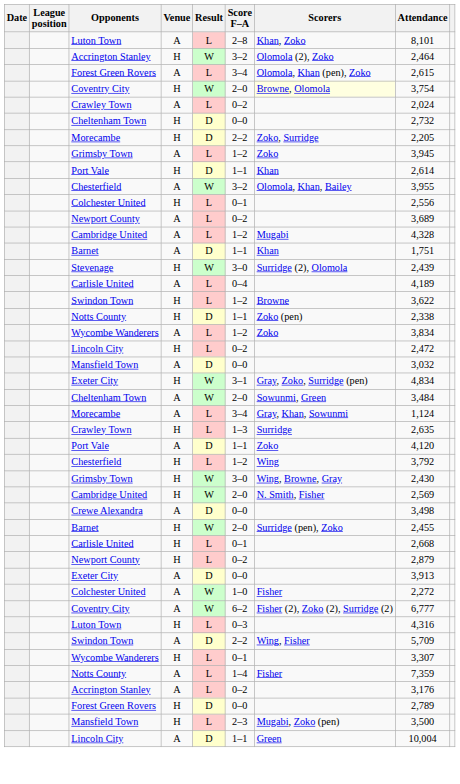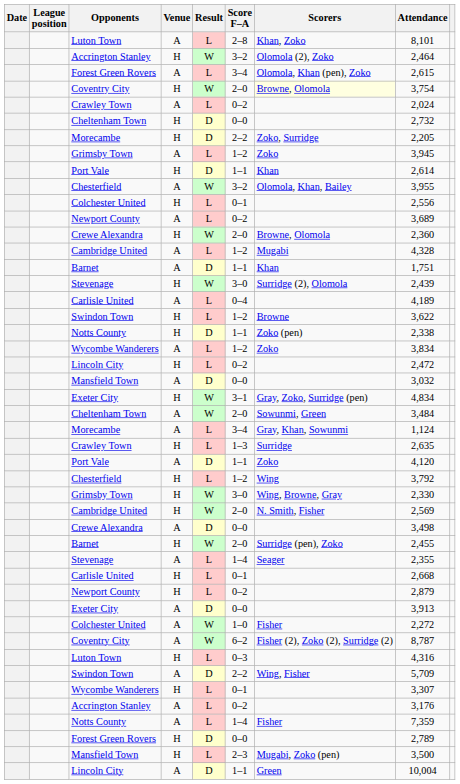 <table class="wikitable plainrowheaders sortable" style="text-align:center">
 <tr>
 <th scope="col">Date</th>
 <th scope="col">League<br>position</th>
 <th scope="col">Opponents</th>
 <th scope="col">Venue</th>
 <th scope="col">Result</th>
 <th scope="col">Score<br>F–A</th>
 <th scope="col" class="unsortable">Scorers</th>
 <th scope="col">Attendance</th>
 <th scope=col class=unsortable></th>
 </tr>
 <tr>
 <th scope="row"></th>
 <td></td>
 <td align="left"><a href='#'>Luton Town</a></td>
 <td>A</td>
 <td style="background-color:#FFCCCC">L</td>
 <td>2–8</td>
 <td align="left"><a href='#'>Khan</a>, <a href='#'>Zoko</a></td>
 <td>8,101</td>
 <td></td>
 </tr>
 <tr>
 <th scope="row"></th>
 <td></td>
 <td align="left"><a href='#'>Accrington Stanley</a></td>
 <td>H</td>
 <td style="background-color:#CCFFCC">W</td>
 <td>3–2</td>
 <td align="left"><a href='#'>Olomola</a> (2), <a href='#'>Zoko</a></td>
 <td>2,464</td>
 <td></td>
 </tr>
 <tr>
 <th scope="row"></th>
 <td></td>
 <td align="left"><a href='#'>Forest Green Rovers</a></td>
 <td>A</td>
 <td style="background-color:#FFCCCC">L</td>
 <td>3–4</td>
 <td align="left"><a href='#'>Olomola</a>, <a href='#'>Khan</a> (pen), <a href='#'>Zoko</a></td>
 <td>2,615</td>
 <td></td>
 </tr>
 <tr>
 <th scope="row"></th>
 <td></td>
 <td align="left"><a href='#'>Coventry City</a></td>
 <td>H</td>
 <td style="background-color:#CCFFCC">W</td>
 <td>2–0</td>
 <td align="left" style="background: lightyellow;"><a href='#'>Browne</a>, <a href='#'>Olomola</a></td>
 <td>3,754</td>
 <td></td>
 </tr>
 <tr>
 <th scope="row"></th>
 <td></td>
 <td align="left"><a href='#'>Crawley Town</a></td>
 <td>A</td>
 <td style="background-color:#FFCCCC">L</td>
 <td>0–2</td>
 <td align="left"></td>
 <td>2,024</td>
 <td></td>
 </tr>
 <tr>
 <th scope="row"></th>
 <td></td>
 <td align="left"><a href='#'>Cheltenham Town</a></td>
 <td>H</td>
 <td style="background-color:#FFFFCC">D</td>
 <td>0–0</td>
 <td align="left"></td>
 <td>2,732</td>
 <td></td>
 </tr>
 <tr>
 <th scope="row"></th>
 <td></td>
 <td align="left"><a href='#'>Morecambe</a></td>
 <td>H</td>
 <td style="background-color:#FFFFCC">D</td>
 <td>2–2</td>
 <td align="left"><a href='#'>Zoko</a>, <a href='#'>Surridge</a></td>
 <td>2,205</td>
 <td></td>
 </tr>
 <tr>
 <th scope="row"></th>
 <td></td>
 <td align="left"><a href='#'>Grimsby Town</a></td>
 <td>A</td>
 <td style="background-color:#FFCCCC">L</td>
 <td>1–2</td>
 <td align="left"><a href='#'>Zoko</a></td>
 <td>3,945</td>
 <td></td>
 </tr>
 <tr>
 <th scope="row"></th>
 <td></td>
 <td align="left"><a href='#'>Port Vale</a></td>
 <td>H</td>
 <td style="background-color:#FFFFCC">D</td>
 <td>1–1</td>
 <td align="left"><a href='#'>Khan</a></td>
 <td>2,614</td>
 <td></td>
 </tr>
 <tr>
 <th scope="row"></th>
 <td></td>
 <td align="left"><a href='#'>Chesterfield</a></td>
 <td>A</td>
 <td style="background-color:#CCFFCC">W</td>
 <td>3–2</td>
 <td align="left"><a href='#'>Olomola</a>, <a href='#'>Khan</a>, <a href='#'>Bailey</a></td>
 <td>3,955</td>
 <td></td>
 </tr>
 <tr>
 <th scope="row"></th>
 <td></td>
 <td align="left"><a href='#'>Colchester United</a></td>
 <td>H</td>
 <td style="background-color:#FFCCCC">L</td>
 <td>0–1</td>
 <td align="left"></td>
 <td>2,556</td>
 <td></td>
 </tr>
 <tr>
 <th scope="row"></th>
 <td></td>
 <td align="left"><a href='#'>Newport County</a></td>
 <td>A</td>
 <td style="background-color:#FFCCCC">L</td>
 <td>0–2</td>
 <td align="left"></td>
 <td>3,689</td>
+<td></td>
+</tr>
+<tr>
+<th scope="row"></th>
+<td></td>
+<td align="left"><a href='#'>Crewe Alexandra</a></td>
+<td>H</td>
+<td style="background-color:#CCFFCC">W</td>
+<td>2–0</td>
+<td align="left"><a href='#'>Browne</a>, <a href='#'>Olomola</a></td>
+<td>2,360</td>
 <td></td>
 </tr>
 <tr>
 <th scope="row"></th>
 <td></td>
 <td align="left"><a href='#'>Cambridge United</a></td>
 <td>A</td>
 <td style="background-color:#FFCCCC">L</td>
 <td>1–2</td>
 <td align="left"><a href='#'>Mugabi</a></td>
 <td>4,328</td>
 <td></td>
 </tr>
 <tr>
 <th scope="row"></th>
 <td></td>
 <td align="left"><a href='#'>Barnet</a></td>
 <td>A</td>
 <td style="background-color:#FFFFCC">D</td>
 <td>1–1</td>
 <td align="left"><a href='#'>Khan</a></td>
 <td>1,751</td>
 <td></td>
 </tr>
 <tr>
 <th scope="row"></th>
 <td></td>
 <td align="left"><a href='#'>Stevenage</a></td>
 <td>H</td>
 <td style="background-color:#CCFFCC">W</td>
 <td>3–0</td>
 <td align="left"><a href='#'>Surridge</a> (2), <a href='#'>Olomola</a></td>
 <td>2,439</td>
 <td></td>
 </tr>
 <tr>
 <th scope="row"></th>
 <td></td>
 <td align="left"><a href='#'>Carlisle United</a></td>
 <td>A</td>
 <td style="background-color:#FFCCCC">L</td>
 <td>0–4</td>
 <td align="left"></td>
 <td>4,189</td>
 <td></td>
 </tr>
 <tr>
 <th scope="row"></th>
 <td></td>
 <td align="left"><a href='#'>Swindon Town</a></td>
 <td>H</td>
 <td style="background-color:#FFCCCC">L</td>
 <td>1–2</td>
 <td align="left"><a href='#'>Browne</a></td>
 <td>3,622</td>
 <td></td>
 </tr>
 <tr>
 <th scope="row"></th>
 <td></td>
 <td align="left"><a href='#'>Notts County</a></td>
 <td>H</td>
 <td style="background-color:#FFFFCC">D</td>
 <td>1–1</td>
 <td align="left"><a href='#'>Zoko</a> (pen)</td>
 <td>2,338</td>
 <td></td>
 </tr>
 <tr>
 <th scope="row"></th>
 <td></td>
 <td align="left"><a href='#'>Wycombe Wanderers</a></td>
 <td>A</td>
 <td style="background-color:#FFCCCC">L</td>
 <td>1–2</td>
 <td align="left"><a href='#'>Zoko</a></td>
 <td>3,834</td>
 <td></td>
 </tr>
 <tr>
 <th scope="row"></th>
 <td></td>
 <td align="left"><a href='#'>Lincoln City</a></td>
 <td>H</td>
 <td style="background-color:#FFCCCC">L</td>
 <td>0–2</td>
 <td align="left"></td>
 <td>2,472</td>
 <td></td>
 </tr>
 <tr>
 <th scope="row"></th>
 <td></td>
 <td align="left"><a href='#'>Mansfield Town</a></td>
 <td>A</td>
 <td style="background-color:#FFFFCC">D</td>
 <td>0–0</td>
 <td align="left"></td>
 <td>3,032</td>
 <td></td>
 </tr>
 <tr>
 <th scope="row"></th>
 <td></td>
 <td align="left"><a href='#'>Exeter City</a></td>
 <td>H</td>
 <td style="background-color:#CCFFCC">W</td>
 <td>3–1</td>
 <td align="left"><a href='#'>Gray</a>, <a href='#'>Zoko</a>, <a href='#'>Surridge</a> (pen)</td>
 <td>4,834</td>
 <td></td>
 </tr>
 <tr>
 <th scope="row"></th>
 <td></td>
 <td align="left"><a href='#'>Cheltenham Town</a></td>
 <td>A</td>
 <td style="background-color:#CCFFCC">W</td>
 <td>2–0</td>
 <td align="left"><a href='#'>Sowunmi</a>, <a href='#'>Green</a></td>
 <td>3,484</td>
 <td></td>
 </tr>
 <tr>
 <th scope="row"></th>
 <td></td>
 <td align="left"><a href='#'>Morecambe</a></td>
 <td>A</td>
 <td style="background-color:#FFCCCC">L</td>
 <td>3–4</td>
 <td align="left"><a href='#'>Gray</a>, <a href='#'>Khan</a>, <a href='#'>Sowunmi</a></td>
 <td>1,124</td>
 <td></td>
 </tr>
 <tr>
 <th scope="row"></th>
 <td></td>
 <td align="left"><a href='#'>Crawley Town</a></td>
 <td>H</td>
 <td style="background-color:#FFCCCC">L</td>
 <td>1–3</td>
 <td align="left"><a href='#'>Surridge</a></td>
 <td>2,635</td>
 <td></td>
 </tr>
 <tr>
 <th scope="row"></th>
 <td></td>
 <td align="left"><a href='#'>Port Vale</a></td>
 <td>A</td>
 <td style="background-color:#FFFFCC">D</td>
 <td>1–1</td>
 <td align="left"><a href='#'>Zoko</a></td>
 <td>4,120</td>
 <td></td>
 </tr>
 <tr>
 <th scope="row"></th>
 <td></td>
 <td align="left"><a href='#'>Chesterfield</a></td>
 <td>H</td>
 <td style="background-color:#FFCCCC">L</td>
 <td>1–2</td>
 <td align="left"><a href='#'>Wing</a></td>
 <td>3,792</td>
 <td></td>
 </tr>
 <tr>
 <th scope="row"></th>
 <td></td>
 <td align="left"><a href='#'>Grimsby Town</a></td>
 <td>H</td>
 <td style="background-color:#CCFFCC">W</td>
 <td>3–0</td>
 <td align="left"><a href='#'>Wing</a>, <a href='#'>Browne</a>, <a href='#'>Gray</a></td>
-<td>2,430</td>
+<td>2,330</td>
 <td></td>
 </tr>
 <tr>
 <th scope="row"></th>
 <td></td>
 <td align="left"><a href='#'>Cambridge United</a></td>
 <td>H</td>
 <td style="background-color:#CCFFCC">W</td>
 <td>2–0</td>
 <td align="left"><a href='#'>N. Smith</a>, <a href='#'>Fisher</a></td>
 <td>2,569</td>
 <td></td>
 </tr>
 <tr>
 <th scope="row"></th>
 <td></td>
 <td align="left"><a href='#'>Crewe Alexandra</a></td>
 <td>A</td>
 <td style="background-color:#FFFFCC">D</td>
 <td>0–0</td>
 <td align="left"></td>
 <td>3,498</td>
 <td></td>
 </tr>
 <tr>
 <th scope="row"></th>
 <td></td>
 <td align="left"><a href='#'>Barnet</a></td>
 <td>H</td>
 <td style="background-color:#CCFFCC">W</td>
 <td>2–0</td>
 <td align="left"><a href='#'>Surridge</a> (pen), <a href='#'>Zoko</a></td>
 <td>2,455</td>
+<td></td>
+</tr>
+<tr>
+<th scope="row"></th>
+<td></td>
+<td align="left"><a href='#'>Stevenage</a></td>
+<td>A</td>
+<td style="background-color:#FFCCCC">L</td>
+<td>1–4</td>
+<td align="left"><a href='#'>Seager</a></td>
+<td>2,355</td>
 <td></td>
 </tr>
 <tr>
 <th scope="row"></th>
 <td></td>
 <td align="left"><a href='#'>Carlisle United</a></td>
 <td>H</td>
 <td style="background-color:#FFCCCC">L</td>
 <td>0–1</td>
 <td align="left"></td>
 <td>2,668</td>
 <td></td>
 </tr>
 <tr>
 <th scope="row"></th>
 <td></td>
 <td align="left"><a href='#'>Newport County</a></td>
 <td>H</td>
 <td style="background-color:#FFCCCC">L</td>
 <td>0–2</td>
 <td align="left"></td>
 <td>2,879</td>
 <td></td>
 </tr>
 <tr>
 <th scope="row"></th>
 <td></td>
 <td align="left"><a href='#'>Exeter City</a></td>
 <td>A</td>
 <td style="background-color:#FFFFCC">D</td>
 <td>0–0</td>
 <td align="left"></td>
 <td>3,913</td>
 <td></td>
 </tr>
 <tr>
 <th scope="row"></th>
 <td></td>
 <td align="left"><a href='#'>Colchester United</a></td>
 <td>A</td>
 <td style="background-color:#CCFFCC">W</td>
 <td>1–0</td>
 <td align="left"><a href='#'>Fisher</a></td>
 <td>2,272</td>
 <td></td>
 </tr>
 <tr>
 <th scope="row"></th>
 <td></td>
 <td align="left"><a href='#'>Coventry City</a></td>
 <td>A</td>
 <td style="background-color:#CCFFCC">W</td>
 <td>6–2</td>
 <td align="left"><a href='#'>Fisher</a> (2), <a href='#'>Zoko</a> (2), <a href='#'>Surridge</a> (2)</td>
-<td>6,777</td>
+<td>8,787</td>
 <td></td>
 </tr>
 <tr>
 <th scope="row"></th>
 <td></td>
 <td align="left"><a href='#'>Luton Town</a></td>
 <td>H</td>
 <td style="background-color:#FFCCCC">L</td>
 <td>0–3</td>
 <td align="left"></td>
 <td>4,316</td>
 <td></td>
 </tr>
 <tr>
 <th scope="row"></th>
 <td></td>
 <td align="left"><a href='#'>Swindon Town</a></td>
 <td>A</td>
 <td style="background-color:#FFFFCC">D</td>
 <td>2–2</td>
 <td align="left"><a href='#'>Wing</a>, <a href='#'>Fisher</a></td>
 <td>5,709</td>
 <td></td>
 </tr>
 <tr>
 <th scope="row"></th>
 <td></td>
 <td align="left"><a href='#'>Wycombe Wanderers</a></td>
 <td>H</td>
 <td style="background-color:#FFCCCC">L</td>
 <td>0–1</td>
 <td align="left"></td>
 <td>3,307</td>
 <td></td>
 </tr>
 <tr>
 <th scope="row"></th>
 <td></td>
+<td align="left"><a href='#'>Accrington Stanley</a></td>
+<td>A</td>
+<td style="background-color:#FFCCCC">L</td>
+<td>0–2</td>
+<td align="left"></td>
+<td>3,176</td>
+<td></td>
+</tr>
+<tr>
+<th scope="row"></th>
+<td></td>
 <td align="left"><a href='#'>Notts County</a></td>
 <td>A</td>
 <td style="background-color:#FFCCCC">L</td>
 <td>1–4</td>
 <td align="left"><a href='#'>Fisher</a></td>
 <td>7,359</td>
-<td></td>
-</tr>
-<tr>
-<th scope="row"></th>
-<td></td>
-<td align="left"><a href='#'>Accrington Stanley</a></td>
-<td>A</td>
-<td style="background-color:#FFCCCC">L</td>
-<td>0–2</td>
-<td align="left"></td>
-<td>3,176</td>
 <td></td>
 </tr>
 <tr>
 <th scope="row"></th>
 <td></td>
 <td align="left"><a href='#'>Forest Green Rovers</a></td>
 <td>H</td>
 <td style="background-color:#FFFFCC">D</td>
 <td>0–0</td>
 <td align="left"></td>
 <td>2,789</td>
 <td></td>
 </tr>
 <tr>
 <th scope="row"></th>
 <td></td>
 <td align="left"><a href='#'>Mansfield Town</a></td>
 <td>H</td>
 <td style="background-color:#FFCCCC">L</td>
 <td>2–3</td>
 <td align="left"><a href='#'>Mugabi</a>, <a href='#'>Zoko</a> (pen)</td>
 <td>3,500</td>
 <td></td>
 </tr>
 <tr>
 <th scope="row"></th>
 <td></td>
 <td align="left"><a href='#'>Lincoln City</a></td>
 <td>A</td>
 <td style="background-color:#FFFFCC">D</td>
 <td>1–1</td>
 <td align="left"><a href='#'>Green</a></td>
 <td>10,004</td>
 <td></td>
 </tr>
 </table>
